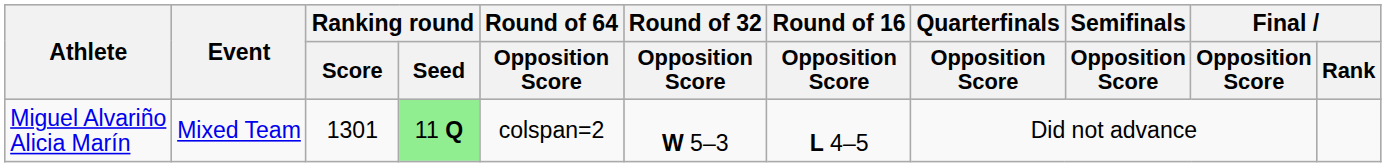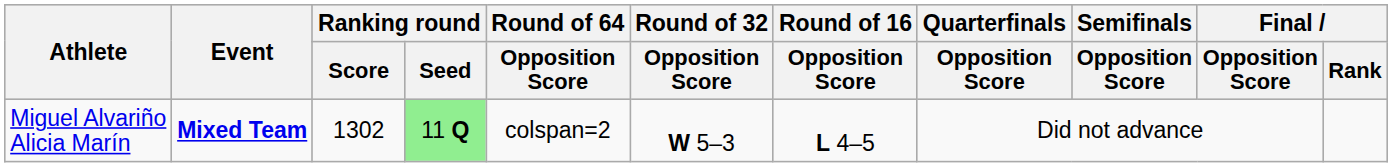 <table class="wikitable" style="font-size:90%">
 <tr>
 <th rowspan="2">Athlete</th>
 <th rowspan="2">Event</th>
 <th colspan="2">Ranking round</th>
 <th>Round of 64</th>
 <th>Round of 32</th>
 <th>Round of 16</th>
 <th>Quarterfinals</th>
 <th>Semifinals</th>
 <th colspan="2">Final / </th>
 </tr>
 <tr style="font-size:95%">
 <th>Score</th>
 <th>Seed</th>
 <th>Opposition<br>Score</th>
 <th>Opposition<br>Score</th>
 <th>Opposition<br>Score</th>
 <th>Opposition<br>Score</th>
 <th>Opposition<br>Score</th>
 <th>Opposition<br>Score</th>
 <th>Rank</th>
 </tr>
 <tr align=center>
 <td align=left><a href='#'>Miguel Alvariño</a><br><a href='#'>Alicia Marín</a></td>
-<td align=left><a href='#'>Mixed Team</a></td>
-<td>1301</td>
+<td align=left><strong><a href='#'>Mixed Team</a></strong></td>
+<td>1302</td>
 <td style="background: lightgreen;">11 <strong>Q</strong></td>
 <td>colspan=2 </td>
 <td><br><strong>W</strong> 5–3</td>
 <td><br><strong>L</strong> 4–5</td>
 <td colspan=3>Did not advance</td>
 </tr>
 </table>
